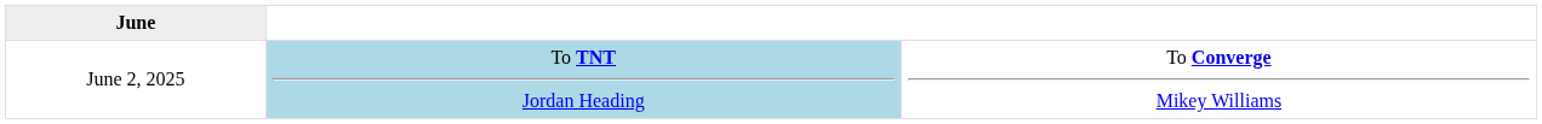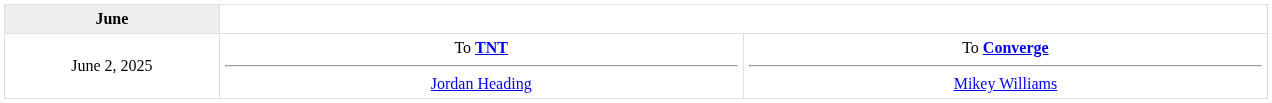 <table border=1 style="border-collapse:collapse; text-align: center; width: 100%" bordercolor="#DFDFDF"  cellpadding="5">
 <tr bgcolor="eeeeee">
 <th>June</th>
 </tr>
 <tr>
 <td style="width:12%" rowspan=2>June 2, 2025</td>
-<td style="background: lightblue; width:29.3%" valign="top">To <strong><a href='#'>TNT</a></strong><hr><a href='#'>Jordan Heading</a></td>
+<td style="width:29.3%" valign="top">To <strong><a href='#'>TNT</a></strong><hr><a href='#'>Jordan Heading</a></td>
 <td style="width:29.3%" valign="top">To <strong><a href='#'>Converge</a></strong><hr><a href='#'>Mikey Williams</a></td>
 </tr>
 </table>
